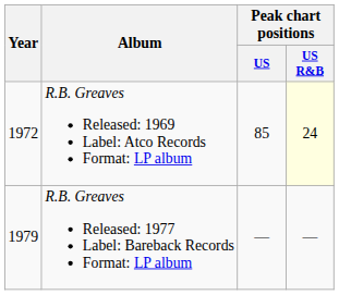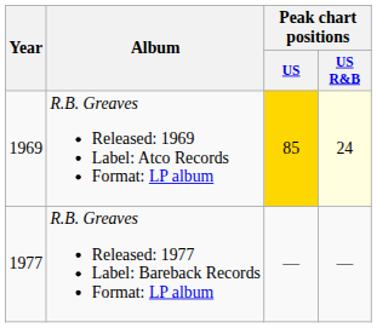 <table class="wikitable" style="text-align:left;">
 <tr>
 <th rowspan="2">Year</th>
 <th rowspan="2">Album</th>
 <th colspan="5">Peak chart positions</th>
 </tr>
 <tr style="font-size:smaller;">
 <th width="45"><a href='#'>US</a></th>
 <th width="45"><a href='#'>US R&B</a></th>
 </tr>
 <tr>
-<td>1972</td>
+<td>1969</td>
 <td><em>R.B. Greaves</em><br><ul><li>Released: 1969</li><li>Label: Atco Records</li><li>Format: <a href='#'>LP album</a></li></ul></td>
-<td align=center>85</td>
+<td align=center style="background: gold;">85</td>
 <td align=center style="background: lightyellow;">24</td>
 </tr>
 <tr>
-<td>1979</td>
+<td>1977</td>
 <td><em>R.B. Greaves</em><br><ul><li>Released: 1977</li><li>Label: Bareback Records</li><li>Format: <a href='#'>LP album</a></li></ul></td>
 <td align=center>—</td>
 <td align=center>—</td>
 </tr>
 </table>
